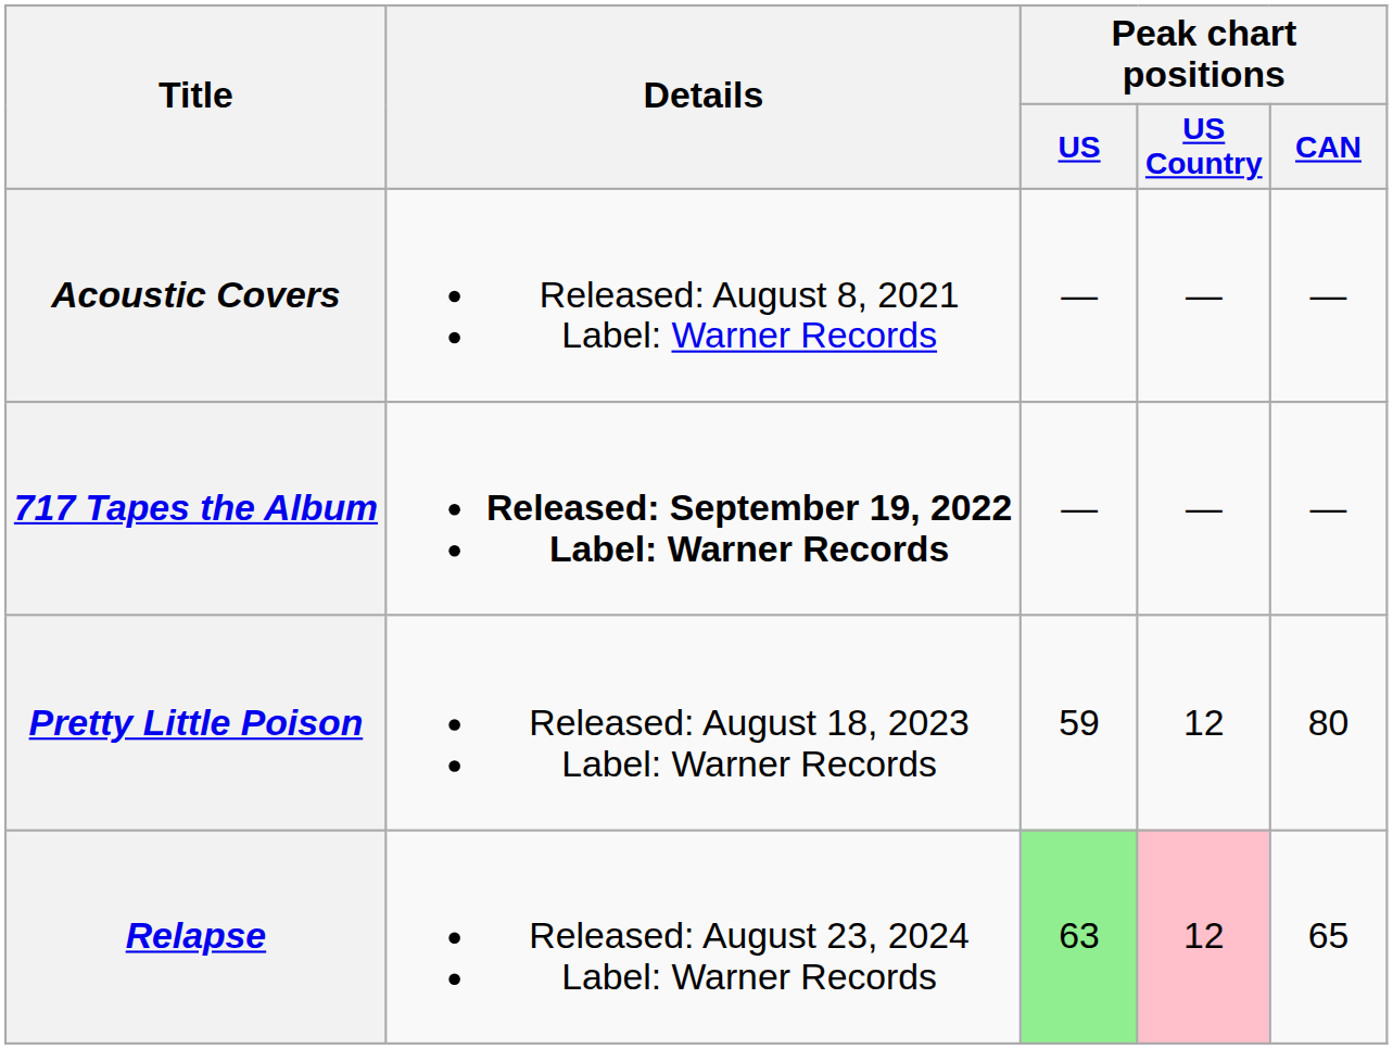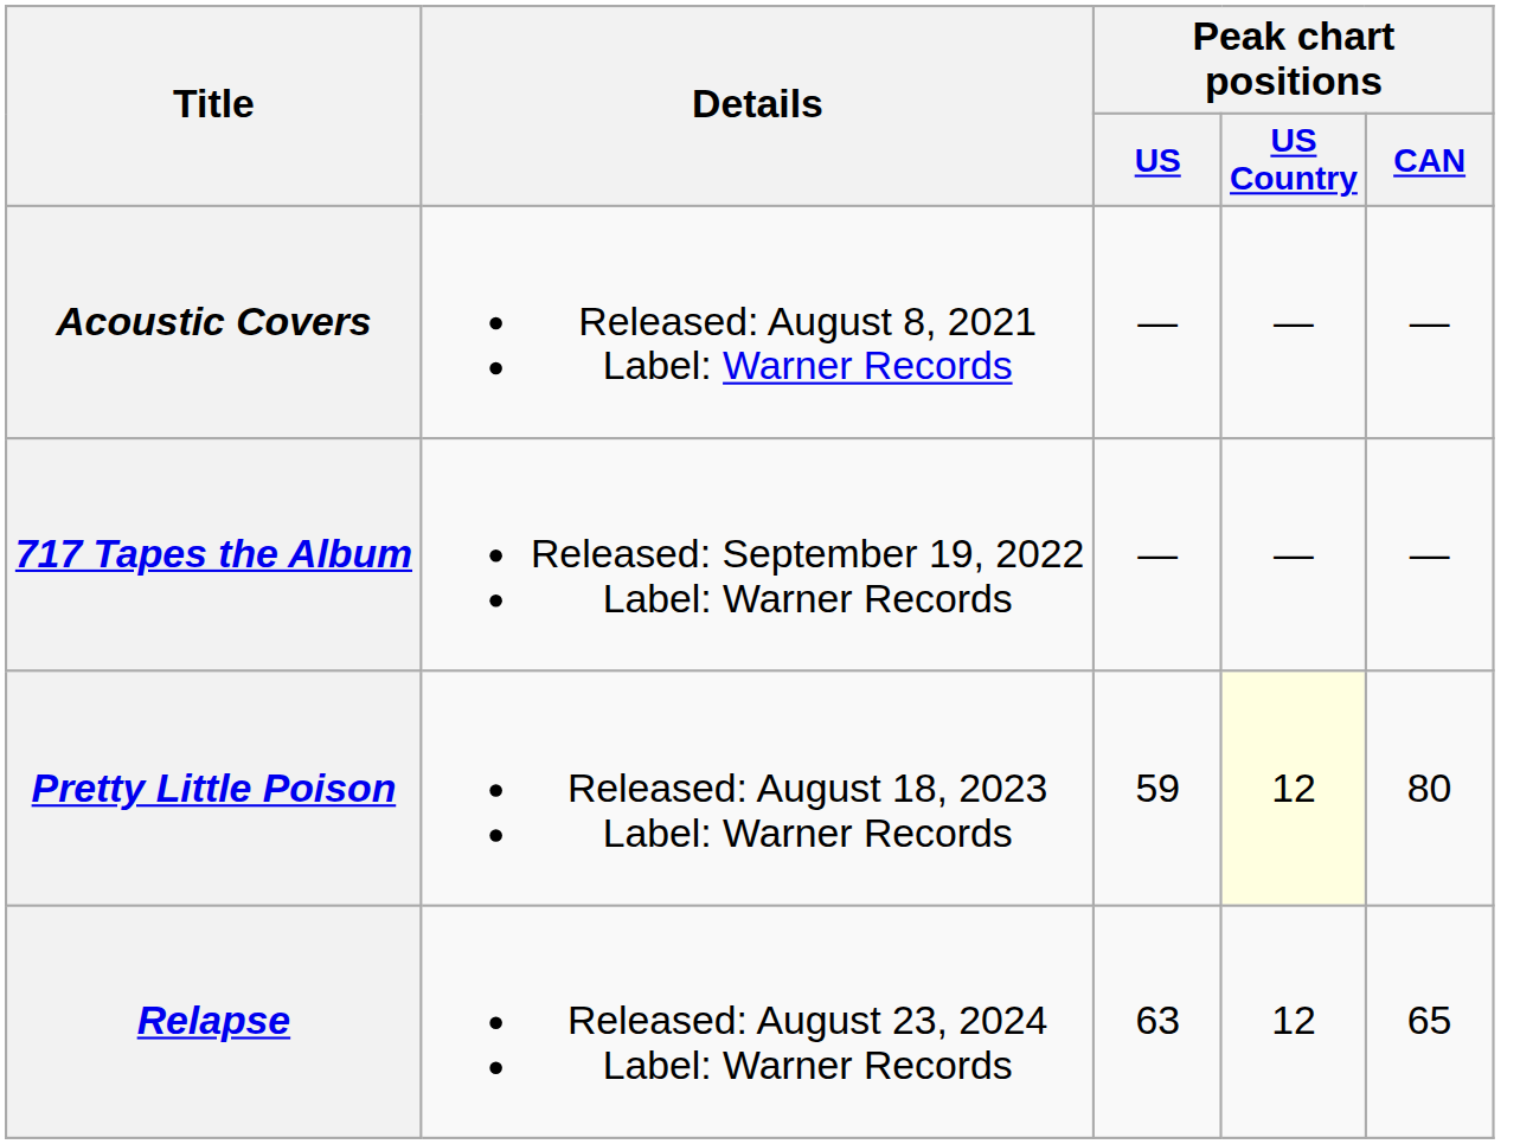 <table class="wikitable plainrowheaders" style="text-align:center;">
 <tr>
 <th scope="col" rowspan="2">Title</th>
 <th scope="col" rowspan="2">Details</th>
 <th scope="col" colspan="3">Peak chart positions</th>
 </tr>
 <tr style="font-size:smaller;">
 <th scope="col" style="width:45px;"><a href='#'>US</a><br></th>
 <th scope="col" style="width:45px;"><a href='#'>US<br>Country</a><br></th>
 <th scope="col" style="width:45px;"><a href='#'>CAN</a><br></th>
 </tr>
 <tr>
 <th scope="row"><em>Acoustic Covers</em></th>
 <td><br><ul><li>Released: August 8, 2021</li><li>Label: <a href='#'>Warner Records</a></li></ul></td>
 <td>—</td>
 <td>—</td>
 <td>—</td>
 </tr>
 <tr>
 <th scope="row"><em><a href='#'>717 Tapes the Album</a></em></th>
-<td><strong><br><ul><li>Released: September 19, 2022</li><li>Label: Warner Records</li></ul></strong></td>
+<td><br><ul><li>Released: September 19, 2022</li><li>Label: Warner Records</li></ul></td>
 <td>—</td>
 <td>—</td>
 <td>—</td>
 </tr>
 <tr>
 <th scope="row"><em><a href='#'>Pretty Little Poison</a></em></th>
 <td><br><ul><li>Released: August 18, 2023</li><li>Label: Warner Records</li></ul></td>
 <td>59</td>
-<td>12</td>
+<td style="background: lightyellow;">12</td>
 <td>80</td>
 </tr>
 <tr>
 <th scope="row"><em><a href='#'>Relapse</a></em></th>
 <td><br><ul><li>Released: August 23, 2024</li><li>Label: Warner Records</li></ul></td>
-<td style="background: lightgreen;">63</td>
-<td style="background: pink;">12</td>
+<td>63</td>
+<td>12</td>
 <td>65</td>
 </tr>
 </table>
